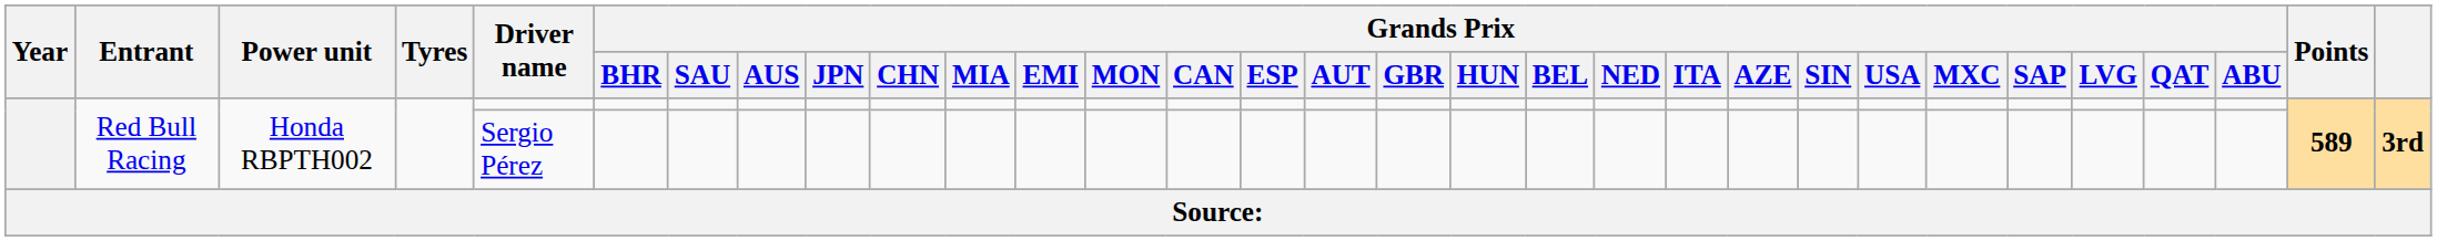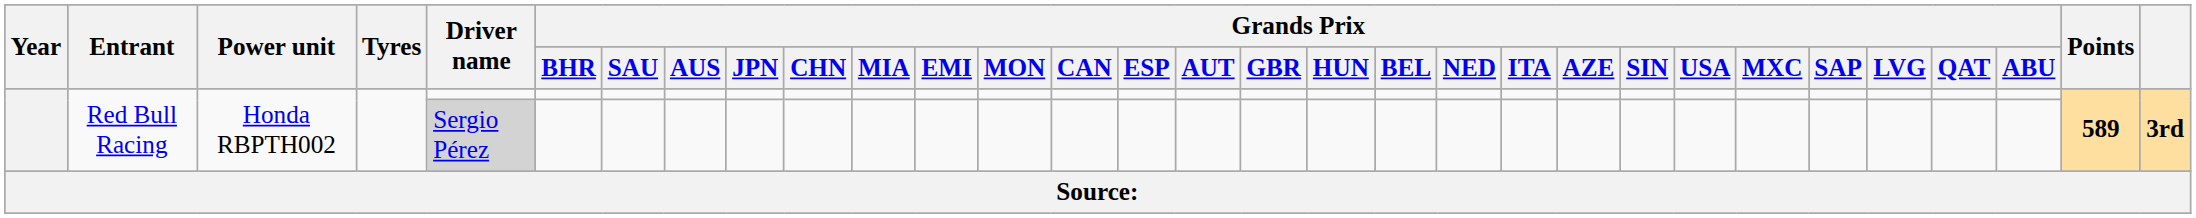 <table class="wikitable" style="text-align:center; font-size:90%">
 <tr>
 <th rowspan="2">Year</th>
 <th rowspan="2">Entrant</th>
 <th rowspan="2">Power unit</th>
 <th rowspan="2">Tyres</th>
 <th rowspan="2">Driver name</th>
 <th colspan="24">Grands Prix</th>
 <th rowspan="2">Points</th>
 <th rowspan="2"></th>
 </tr>
 <tr>
 <th><a href='#'>BHR</a></th>
 <th><a href='#'>SAU</a></th>
 <th><a href='#'>AUS</a></th>
 <th><a href='#'>JPN</a></th>
 <th><a href='#'>CHN</a></th>
 <th><a href='#'>MIA</a></th>
 <th><a href='#'>EMI</a></th>
 <th><a href='#'>MON</a></th>
 <th><a href='#'>CAN</a></th>
 <th><a href='#'>ESP</a></th>
 <th><a href='#'>AUT</a></th>
 <th><a href='#'>GBR</a></th>
 <th><a href='#'>HUN</a></th>
 <th><a href='#'>BEL</a></th>
 <th><a href='#'>NED</a></th>
 <th><a href='#'>ITA</a></th>
 <th><a href='#'>AZE</a></th>
 <th><a href='#'>SIN</a></th>
 <th><a href='#'>USA</a></th>
 <th><a href='#'>MXC</a></th>
 <th><a href='#'>SAP</a></th>
 <th><a href='#'>LVG</a></th>
 <th><a href='#'>QAT</a></th>
 <th><a href='#'>ABU</a></th>
 </tr>
 <tr>
 <th rowspan="2"></th>
 <td rowspan="2"><a href='#'>Red Bull Racing</a></td>
 <td rowspan="2"><a href='#'>Honda</a> RBPTH002</td>
 <td rowspan="2"></td>
 <td align=left></td>
 <td></td>
 <td></td>
 <td></td>
 <td></td>
 <td></td>
 <td></td>
 <td></td>
 <td></td>
 <td></td>
 <td></td>
 <td></td>
 <td></td>
 <td></td>
 <td></td>
 <td></td>
 <td></td>
 <td></td>
 <td></td>
 <td></td>
 <td></td>
 <td></td>
 <td></td>
 <td></td>
 <td></td>
 <th rowspan="2" style="background:#FFDF9F;">589</th>
 <th rowspan="2" style="background:#FFDF9F;">3rd</th>
 </tr>
 <tr>
-<td align=left> <a href='#'>Sergio Pérez</a></td>
+<td align=left style="background: lightgrey;"> <a href='#'>Sergio Pérez</a></td>
 <td></td>
 <td></td>
 <td></td>
 <td></td>
 <td></td>
 <td></td>
 <td></td>
 <td></td>
 <td></td>
 <td></td>
 <td></td>
 <td></td>
 <td></td>
 <td></td>
 <td></td>
 <td></td>
 <td></td>
 <td></td>
 <td></td>
 <td></td>
 <td></td>
 <td></td>
 <td></td>
 <td></td>
 </tr>
 <tr>
 <th colspan="31">Source:</th>
 </tr>
 </table>
